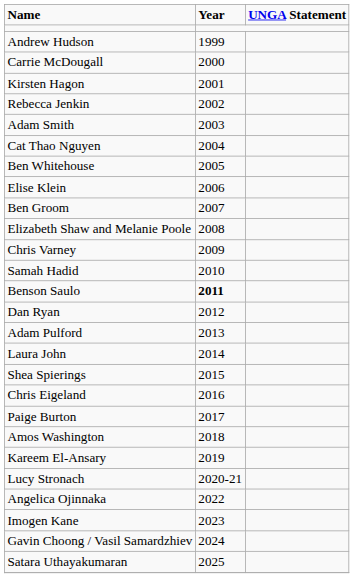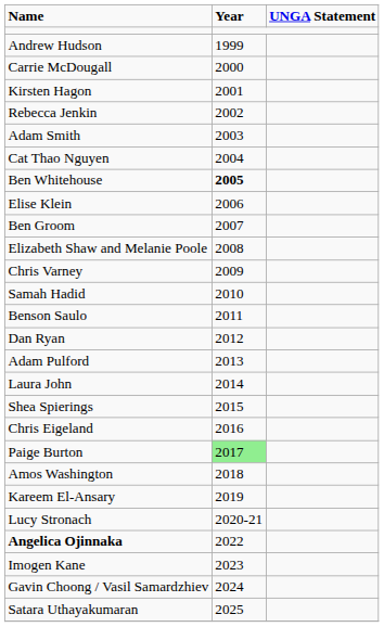 <table class="wikitable" border="1">
 <tr>
 <td><strong>Name</strong></td>
 <td><strong>Year</strong></td>
 <td><strong><a href='#'>UNGA</a> Statement</strong></td>
 </tr>
 <tr>
 <td></td>
 </tr>
 <tr>
 <td>Andrew Hudson</td>
 <td>1999</td>
 <td></td>
 </tr>
 <tr>
 <td>Carrie McDougall</td>
 <td>2000</td>
 <td></td>
 </tr>
 <tr>
 <td>Kirsten Hagon</td>
 <td>2001</td>
 <td></td>
 </tr>
 <tr>
 <td>Rebecca Jenkin</td>
 <td>2002</td>
 <td></td>
 </tr>
 <tr>
 <td>Adam Smith</td>
 <td>2003</td>
 <td></td>
 </tr>
 <tr>
 <td>Cat Thao Nguyen</td>
 <td>2004</td>
 <td></td>
 </tr>
 <tr>
 <td>Ben Whitehouse</td>
-<td>2005</td>
+<td><strong>2005</strong></td>
 <td></td>
 </tr>
 <tr>
 <td>Elise Klein</td>
 <td>2006</td>
 <td></td>
 </tr>
 <tr>
 <td>Ben Groom</td>
 <td>2007</td>
 <td></td>
 </tr>
 <tr>
 <td>Elizabeth Shaw and Melanie Poole</td>
 <td>2008</td>
 <td></td>
 </tr>
 <tr>
 <td>Chris Varney</td>
 <td>2009</td>
 <td></td>
 </tr>
 <tr>
 <td>Samah Hadid</td>
 <td>2010</td>
 <td></td>
 </tr>
 <tr>
 <td>Benson Saulo</td>
-<td><strong>2011</strong></td>
+<td>2011</td>
 <td></td>
 </tr>
 <tr>
 <td>Dan Ryan</td>
 <td>2012</td>
 <td></td>
 </tr>
 <tr>
 <td>Adam Pulford</td>
 <td>2013</td>
 <td></td>
 </tr>
 <tr>
 <td>Laura John</td>
 <td>2014</td>
 <td></td>
 </tr>
 <tr>
 <td>Shea Spierings</td>
 <td>2015</td>
 <td></td>
 </tr>
 <tr>
 <td>Chris Eigeland</td>
 <td>2016</td>
 <td></td>
 </tr>
 <tr>
 <td>Paige Burton</td>
-<td>2017</td>
+<td style="background: lightgreen;">2017</td>
 <td></td>
 </tr>
 <tr>
 <td>Amos Washington</td>
 <td>2018</td>
 <td></td>
 </tr>
 <tr>
 <td>Kareem El-Ansary</td>
 <td>2019</td>
 <td></td>
 </tr>
 <tr>
 <td>Lucy Stronach</td>
 <td>2020-21</td>
 <td></td>
 </tr>
 <tr>
-<td>Angelica Ojinnaka</td>
+<td><strong>Angelica Ojinnaka</strong></td>
 <td>2022</td>
 <td></td>
 </tr>
 <tr>
 <td>Imogen Kane</td>
 <td>2023</td>
 <td></td>
 </tr>
 <tr>
 <td>Gavin Choong / Vasil Samardzhiev</td>
 <td>2024</td>
 <td></td>
 </tr>
 <tr>
 <td>Satara Uthayakumaran</td>
 <td>2025</td>
 <td></td>
 </tr>
 <tr>
 </tr>
 </table>
